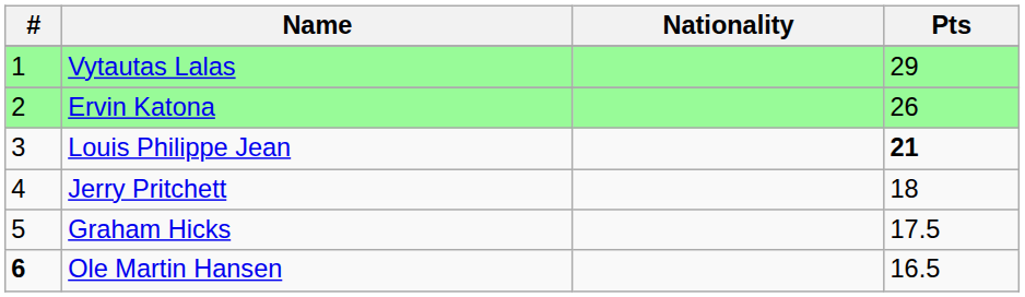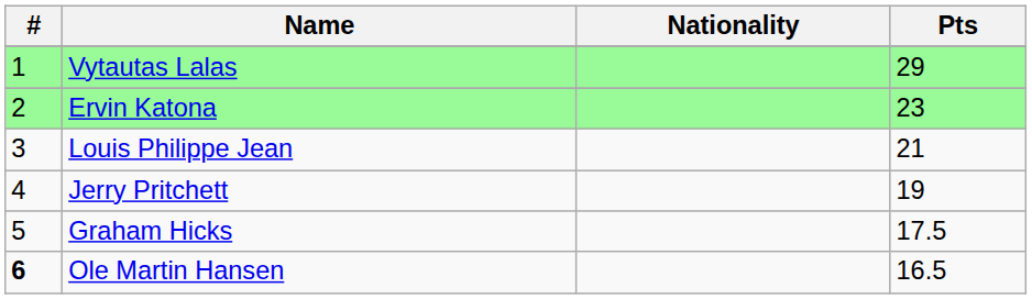 <table class="wikitable" style="display: inline-table; width: 50%;">
 <tr>
 <th>#</th>
 <th>Name</th>
 <th>Nationality</th>
 <th>Pts</th>
 </tr>
 <tr>
 </tr>
 <tr style="background:palegreen;">
 <td>1</td>
 <td><a href='#'>Vytautas Lalas</a></td>
 <td></td>
 <td>29</td>
 </tr>
 <tr>
 </tr>
 <tr style="background:palegreen;">
 <td>2</td>
 <td><a href='#'>Ervin Katona</a></td>
 <td></td>
-<td>26</td>
+<td>23</td>
 </tr>
 <tr>
 <td>3</td>
 <td><a href='#'>Louis Philippe Jean</a></td>
 <td></td>
-<td><strong>21</strong></td>
+<td>21</td>
 </tr>
 <tr>
 <td>4</td>
 <td><a href='#'>Jerry Pritchett</a></td>
 <td></td>
-<td>18</td>
+<td>19</td>
 </tr>
 <tr>
 <td>5</td>
 <td><a href='#'>Graham Hicks</a></td>
 <td></td>
 <td>17.5</td>
 </tr>
 <tr>
 <td><strong>6</strong></td>
 <td><a href='#'>Ole Martin Hansen</a></td>
 <td></td>
 <td>16.5</td>
 </tr>
 </table>
